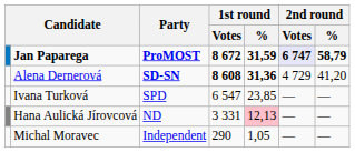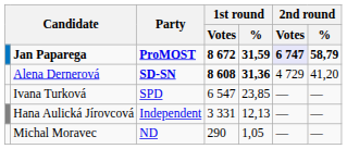 <table class="wikitable sortable">
 <tr>
 <th colspan="2" rowspan="2">Candidate</th>
 <th rowspan="2">Party</th>
 <th colspan="2">1st round</th>
 <th colspan="2">2nd round</th>
 </tr>
 <tr>
 <th>Votes</th>
 <th>%</th>
 <th>Votes</th>
 <th>%</th>
 </tr>
 <tr>
 <td style="background-color:#0077C3;"></td>
 <td><strong>Jan Paparega</strong></td>
 <td><strong><a href='#'>ProMOST</a></strong></td>
 <td><strong>8 672</strong></td>
 <td><strong>31,59</strong></td>
 <td style="background: lavender;"><strong>6 747</strong></td>
 <td><strong>58,79</strong></td>
 </tr>
 <tr>
 <td style="background-color:"></td>
 <td><a href='#'>Alena Dernerová</a></td>
 <td><strong><a href='#'>SD-SN</a></strong></td>
 <td><strong>8 608</strong></td>
 <td><strong>31,36</strong></td>
 <td>4 729</td>
 <td>41,20</td>
 </tr>
 <tr>
 <td style="background-color:"></td>
 <td>Ivana Turková</td>
 <td><a href='#'>SPD</a></td>
 <td>6 547</td>
 <td>23,85</td>
 <td>—</td>
 <td>—</td>
 </tr>
 <tr>
 <td style="background-color:gray;"></td>
 <td>Hana Aulická Jírovcová</td>
-<td><a href='#'>ND</a></td>
+<td><a href='#'>Independent</a></td>
 <td>3 331</td>
-<td style="background: pink;">12,13</td>
+<td>12,13</td>
 <td>—</td>
 <td>—</td>
 </tr>
 <tr>
 <td style="background-color:"></td>
 <td>Michal Moravec</td>
-<td><a href='#'>Independent</a></td>
+<td><a href='#'>ND</a></td>
 <td>290</td>
 <td>1,05</td>
 <td>—</td>
 <td>—</td>
 </tr>
 </table>
